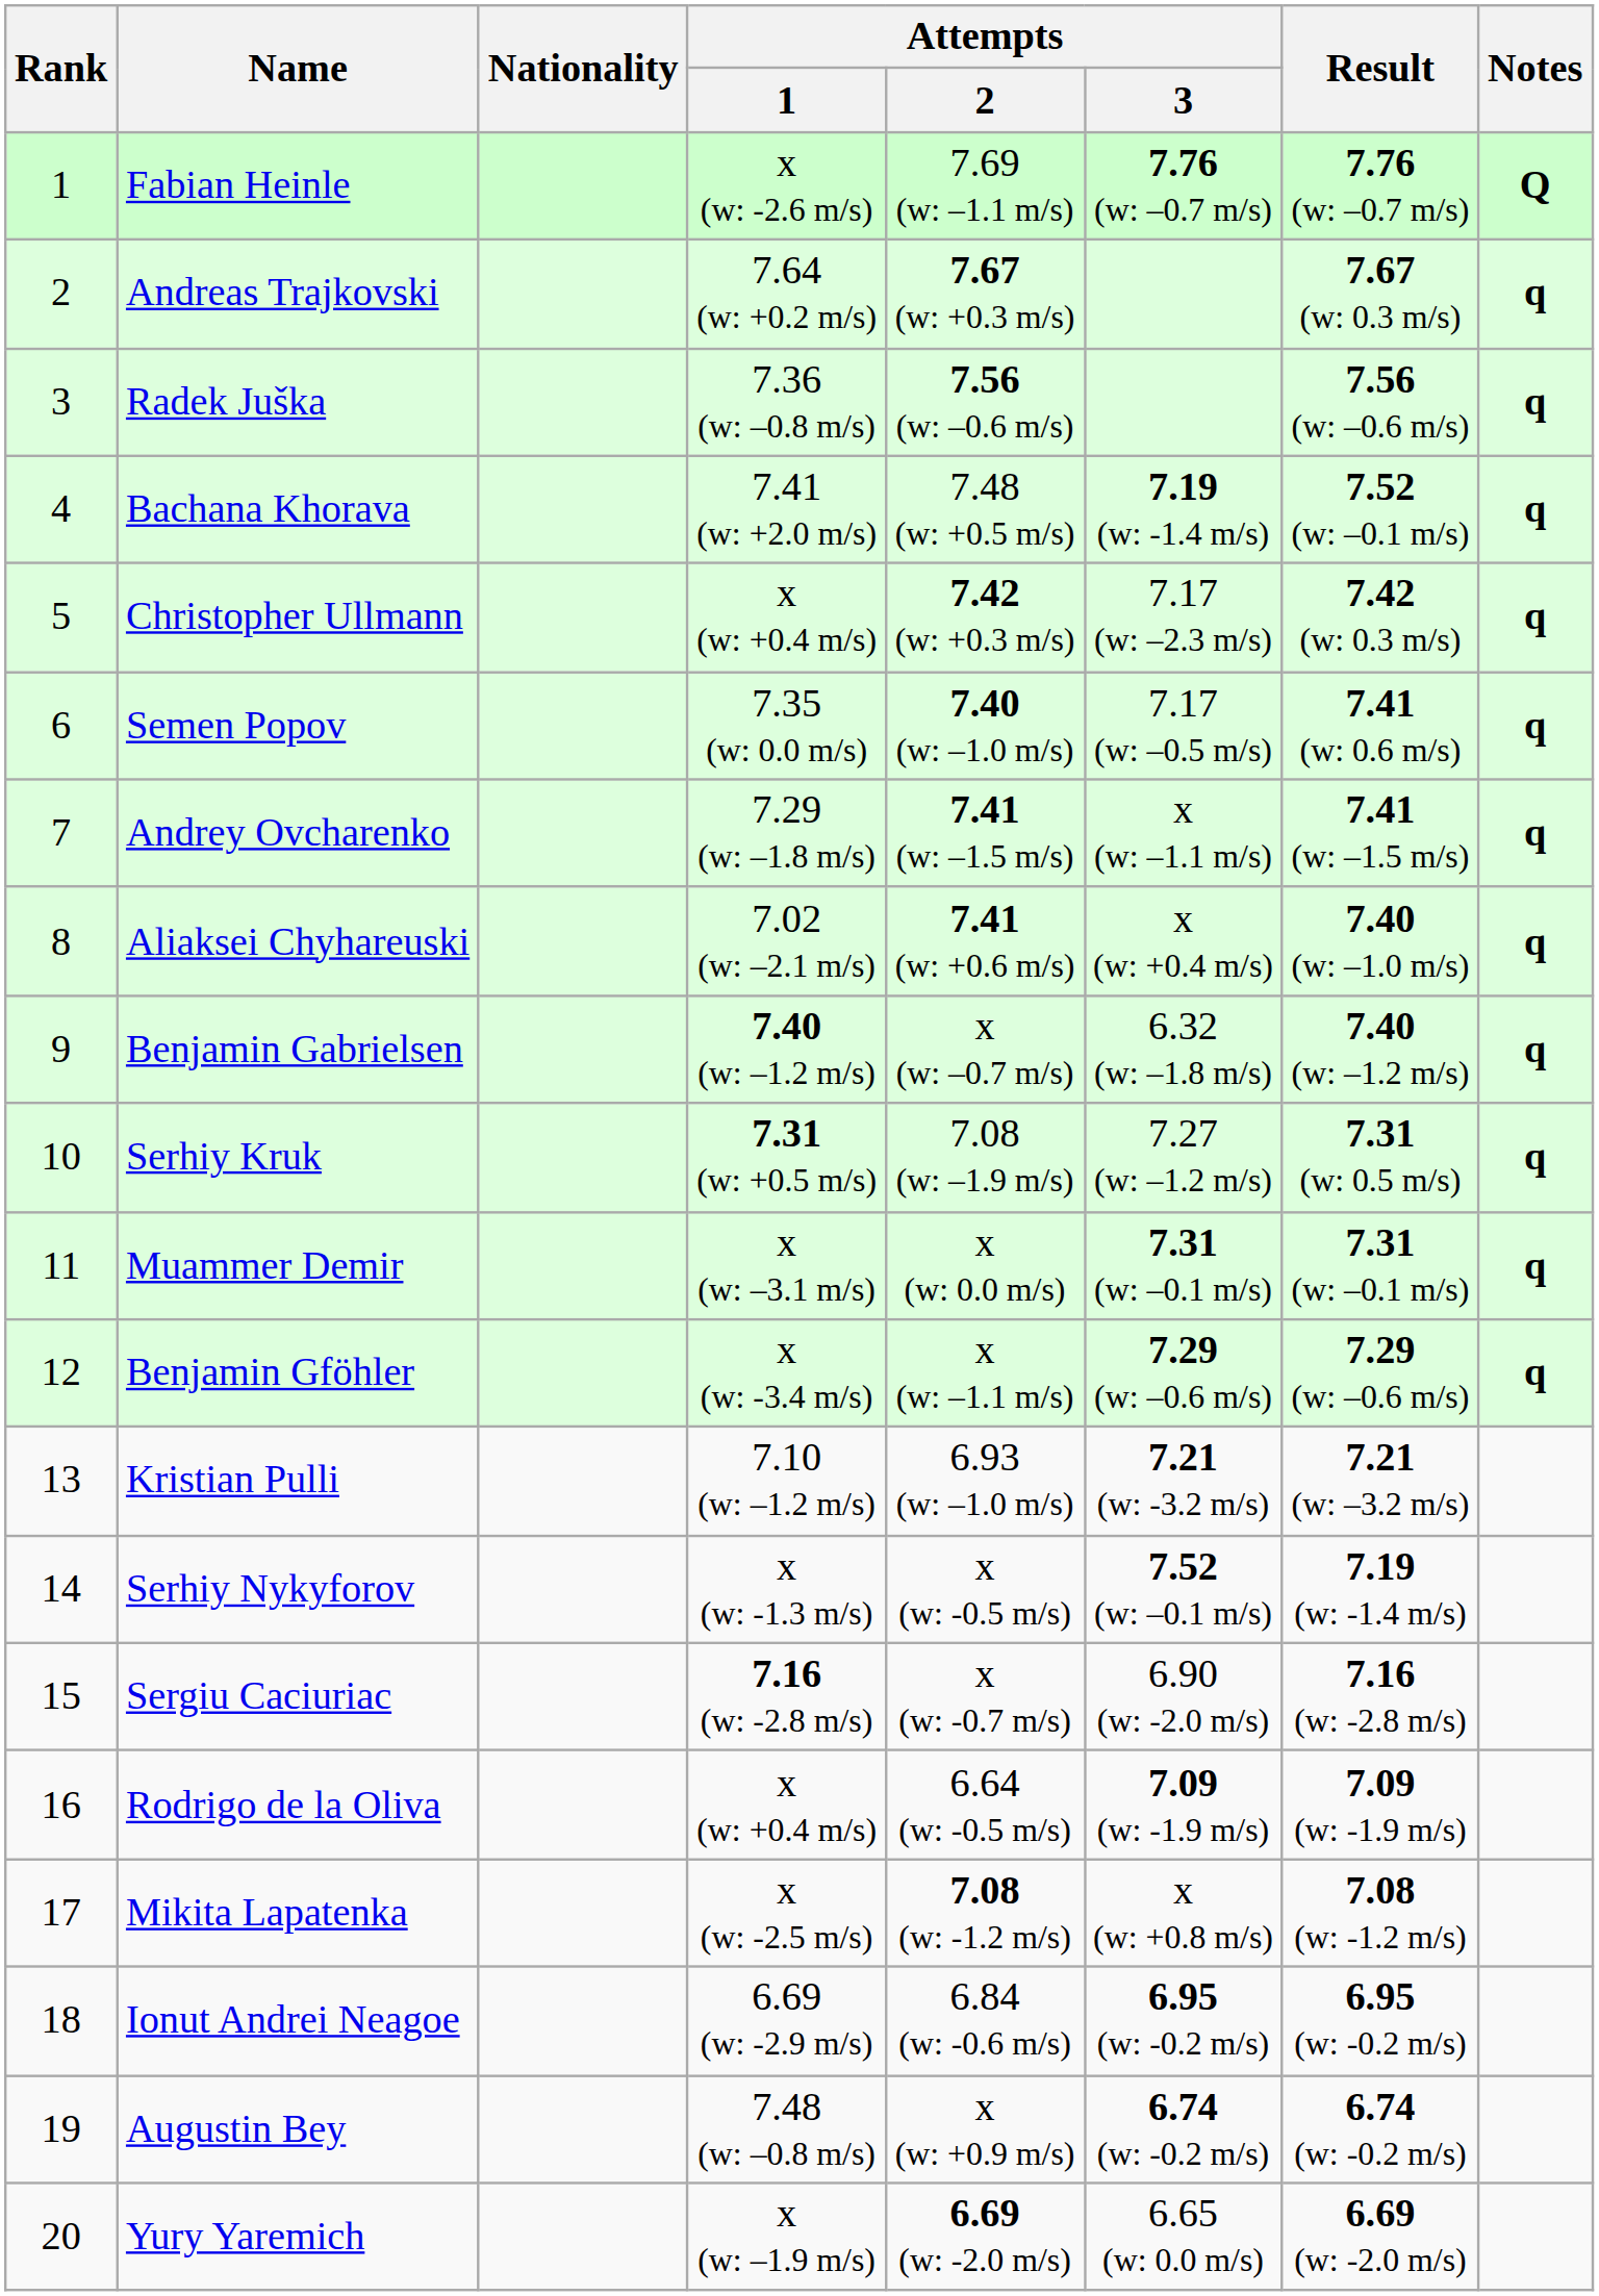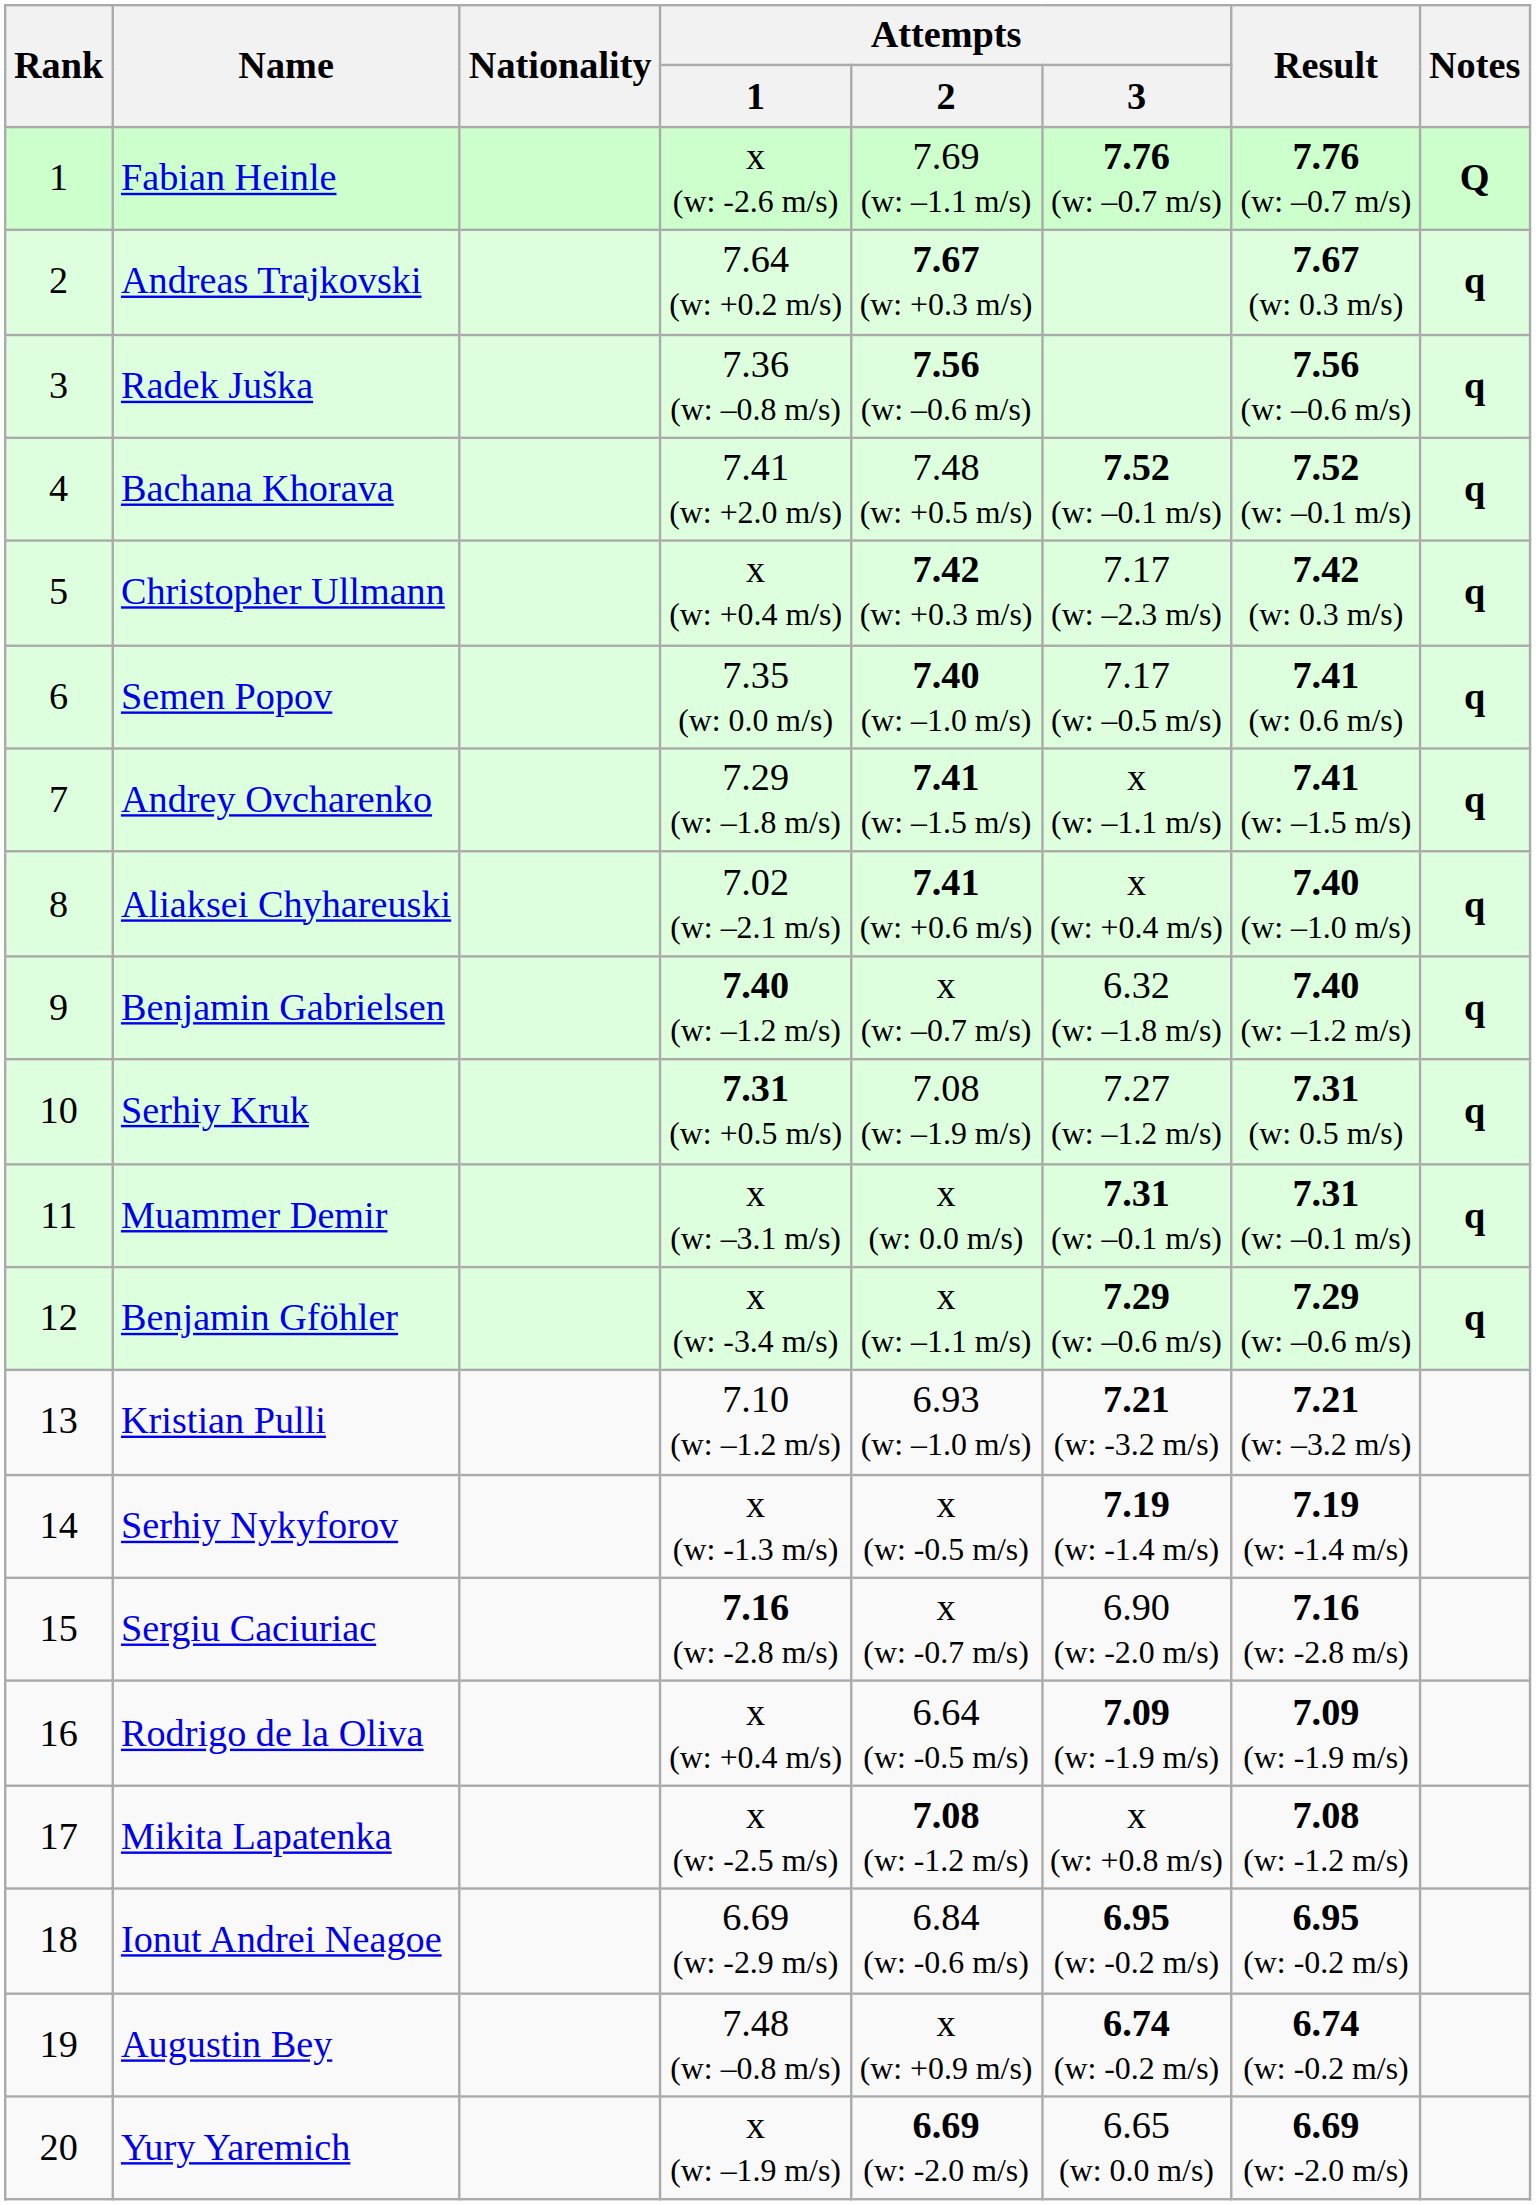 <table class="wikitable sortable" style="text-align:center">
 <tr>
 <th rowspan=2>Rank</th>
 <th rowspan=2>Name</th>
 <th rowspan=2>Nationality</th>
 <th colspan=3>Attempts</th>
 <th rowspan=2>Result</th>
 <th rowspan=2>Notes</th>
 </tr>
 <tr>
 <th>1</th>
 <th>2</th>
 <th>3</th>
 </tr>
 <tr bgcolor=ccffcc>
 <td>1</td>
 <td align=left><a href='#'>Fabian Heinle</a></td>
 <td align=left></td>
 <td>x<br><small>(w: -2.6 m/s)</small></td>
 <td>7.69<br><small>(w: –1.1 m/s)</small></td>
 <td><strong>7.76</strong><br><small>(w: –0.7 m/s)</small></td>
 <td><strong>7.76</strong><br><small>(w: –0.7 m/s)</small></td>
 <td><strong>Q</strong></td>
 </tr>
 <tr bgcolor=ddffdd>
 <td>2</td>
 <td align=left><a href='#'>Andreas Trajkovski</a></td>
 <td align=left></td>
 <td>7.64<br><small>(w: +0.2 m/s)</small></td>
 <td><strong>7.67</strong><br><small>(w: +0.3 m/s)</small></td>
 <td></td>
 <td><strong>7.67</strong><br><small>(w: 0.3 m/s)</small></td>
 <td><strong>q</strong></td>
 </tr>
 <tr bgcolor=ddffdd>
 <td>3</td>
 <td align=left><a href='#'>Radek Juška</a></td>
 <td align=left></td>
 <td>7.36<br><small>(w: –0.8 m/s)</small></td>
 <td><strong>7.56</strong><br><small>(w: –0.6 m/s)</small></td>
 <td></td>
 <td><strong>7.56</strong><br><small>(w: –0.6 m/s)</small></td>
 <td><strong>q</strong></td>
 </tr>
 <tr bgcolor=ddffdd>
 <td>4</td>
 <td align=left><a href='#'>Bachana Khorava</a></td>
 <td align=left></td>
 <td>7.41<br><small>(w: +2.0 m/s)</small></td>
 <td>7.48<br><small>(w: +0.5 m/s)</small></td>
-<td><strong>7.19</strong><br><small>(w: -1.4 m/s)</small></td>
+<td><strong>7.52</strong><br><small>(w: –0.1 m/s)</small></td>
 <td><strong>7.52</strong><br><small>(w: –0.1 m/s)</small></td>
 <td><strong>q</strong></td>
 </tr>
 <tr bgcolor=ddffdd>
 <td>5</td>
 <td align=left><a href='#'>Christopher Ullmann</a></td>
 <td align=left></td>
 <td>x<br><small>(w: +0.4 m/s)</small></td>
 <td><strong>7.42</strong><br><small>(w: +0.3 m/s)</small></td>
 <td>7.17<br><small>(w: –2.3 m/s)</small></td>
 <td><strong>7.42</strong><br><small>(w: 0.3 m/s)</small></td>
 <td><strong>q</strong></td>
 </tr>
 <tr bgcolor=ddffdd>
 <td>6</td>
 <td align=left><a href='#'>Semen Popov</a></td>
 <td align=left></td>
 <td>7.35<br><small>(w: 0.0 m/s)</small></td>
 <td><strong>7.40</strong><br><small>(w: –1.0 m/s)</small></td>
 <td>7.17<br><small>(w: –0.5 m/s)</small></td>
 <td><strong>7.41</strong><br><small>(w: 0.6 m/s)</small></td>
 <td><strong>q</strong></td>
 </tr>
 <tr bgcolor=ddffdd>
 <td>7</td>
 <td align=left><a href='#'>Andrey Ovcharenko</a></td>
 <td align=left></td>
 <td>7.29<br><small>(w: –1.8 m/s)</small></td>
 <td><strong>7.41</strong><br><small>(w: –1.5 m/s)</small></td>
 <td>x<br><small>(w: –1.1 m/s)</small></td>
 <td><strong>7.41</strong><br><small>(w: –1.5 m/s)</small></td>
 <td><strong>q</strong></td>
 </tr>
 <tr bgcolor=ddffdd>
 <td>8</td>
 <td align=left><a href='#'>Aliaksei Chyhareuski</a></td>
 <td align=left></td>
 <td>7.02<br><small>(w: –2.1 m/s)</small></td>
 <td><strong>7.41</strong><br><small>(w: +0.6 m/s)</small></td>
 <td>x<br><small>(w: +0.4 m/s)</small></td>
 <td><strong>7.40</strong><br><small>(w: –1.0 m/s)</small></td>
 <td><strong>q</strong></td>
 </tr>
 <tr bgcolor=ddffdd>
 <td>9</td>
 <td align=left><a href='#'>Benjamin Gabrielsen</a></td>
 <td align=left></td>
 <td><strong>7.40</strong><br><small>(w: –1.2 m/s)</small></td>
 <td>x<br><small>(w: –0.7 m/s)</small></td>
 <td>6.32<br><small>(w: –1.8 m/s)</small></td>
 <td><strong>7.40</strong><br><small>(w: –1.2 m/s)</small></td>
 <td><strong>q</strong></td>
 </tr>
 <tr bgcolor=ddffdd>
 <td>10</td>
 <td align=left><a href='#'>Serhiy Kruk</a></td>
 <td align=left></td>
 <td><strong>7.31</strong><br><small>(w: +0.5 m/s)</small></td>
 <td>7.08<br><small>(w: –1.9 m/s)</small></td>
 <td>7.27<br><small>(w: –1.2 m/s)</small></td>
 <td><strong>7.31</strong><br><small>(w: 0.5 m/s)</small></td>
 <td><strong>q</strong></td>
 </tr>
 <tr bgcolor=ddffdd>
 <td>11</td>
 <td align=left><a href='#'>Muammer Demir</a></td>
 <td align=left></td>
 <td>x<br><small>(w: –3.1 m/s)</small></td>
 <td>x<br><small>(w: 0.0 m/s)</small></td>
 <td><strong>7.31</strong><br><small>(w: –0.1 m/s)</small></td>
 <td><strong>7.31</strong><br><small>(w: –0.1 m/s)</small></td>
 <td><strong>q</strong></td>
 </tr>
 <tr bgcolor=ddffdd>
 <td>12</td>
 <td align=left><a href='#'>Benjamin Gföhler</a></td>
 <td align=left></td>
 <td>x<br><small>(w: -3.4 m/s)</small></td>
 <td>x<br><small>(w: –1.1 m/s)</small></td>
 <td><strong>7.29</strong><br><small>(w: –0.6 m/s)</small></td>
 <td><strong>7.29</strong><br><small>(w: –0.6 m/s)</small></td>
 <td><strong>q</strong></td>
 </tr>
 <tr>
 <td>13</td>
 <td align=left><a href='#'>Kristian Pulli</a></td>
 <td align=left></td>
 <td>7.10<br><small>(w: –1.2 m/s)</small></td>
 <td>6.93<br><small>(w: –1.0 m/s)</small></td>
 <td><strong>7.21</strong><br><small>(w: -3.2 m/s)</small></td>
 <td><strong>7.21</strong><br><small>(w: –3.2 m/s)</small></td>
 <td></td>
 </tr>
 <tr>
 <td>14</td>
 <td align=left><a href='#'>Serhiy Nykyforov</a></td>
 <td align=left></td>
 <td>x<br><small>(w: -1.3 m/s)</small></td>
 <td>x<br><small>(w: -0.5 m/s)</small></td>
-<td><strong>7.52</strong><br><small>(w: –0.1 m/s)</small></td>
+<td><strong>7.19</strong><br><small>(w: -1.4 m/s)</small></td>
 <td><strong>7.19</strong><br><small>(w: -1.4 m/s)</small></td>
 <td></td>
 </tr>
 <tr>
 <td>15</td>
 <td align=left><a href='#'>Sergiu Caciuriac</a></td>
 <td align=left></td>
 <td><strong>7.16</strong><br><small>(w: -2.8 m/s)</small></td>
 <td>x<br><small>(w: -0.7 m/s)</small></td>
 <td>6.90<br><small>(w: -2.0 m/s)</small></td>
 <td><strong>7.16</strong><br><small>(w: -2.8 m/s)</small></td>
 <td></td>
 </tr>
 <tr>
 <td>16</td>
 <td align=left><a href='#'>Rodrigo de la Oliva</a></td>
 <td align=left></td>
 <td>x<br><small>(w: +0.4 m/s)</small></td>
 <td>6.64<br><small>(w: -0.5 m/s)</small></td>
 <td><strong>7.09</strong><br><small>(w: -1.9 m/s)</small></td>
 <td><strong>7.09</strong><br><small>(w: -1.9 m/s)</small></td>
 <td></td>
 </tr>
 <tr>
 <td>17</td>
 <td align=left><a href='#'>Mikita Lapatenka</a></td>
 <td align=left></td>
 <td>x<br><small>(w: -2.5 m/s)</small></td>
 <td><strong>7.08</strong><br><small>(w: -1.2 m/s)</small></td>
 <td>x<br><small>(w: +0.8 m/s)</small></td>
 <td><strong>7.08</strong><br><small>(w: -1.2 m/s)</small></td>
 <td></td>
 </tr>
 <tr>
 <td>18</td>
 <td align=left><a href='#'>Ionut Andrei Neagoe</a></td>
 <td align=left></td>
 <td>6.69<br><small>(w: -2.9 m/s)</small></td>
 <td>6.84<br><small>(w: -0.6 m/s)</small></td>
 <td><strong>6.95</strong><br><small>(w: -0.2 m/s)</small></td>
 <td><strong>6.95</strong><br><small>(w: -0.2 m/s)</small></td>
 <td></td>
 </tr>
 <tr>
 <td>19</td>
 <td align=left><a href='#'>Augustin Bey</a></td>
 <td align=left></td>
 <td>7.48<br><small>(w: –0.8 m/s)</small></td>
 <td>x<br><small>(w: +0.9 m/s)</small></td>
 <td><strong>6.74</strong><br><small>(w: -0.2 m/s)</small></td>
 <td><strong>6.74</strong><br><small>(w: -0.2 m/s)</small></td>
 <td></td>
 </tr>
 <tr>
 <td>20</td>
 <td align=left><a href='#'>Yury Yaremich</a></td>
 <td align=left></td>
 <td>x<br><small>(w: –1.9 m/s)</small></td>
 <td><strong>6.69</strong><br><small>(w: -2.0 m/s)</small></td>
 <td>6.65<br><small>(w: 0.0 m/s)</small></td>
 <td><strong>6.69</strong><br><small>(w: -2.0 m/s)</small></td>
 <td></td>
 </tr>
 </table>
